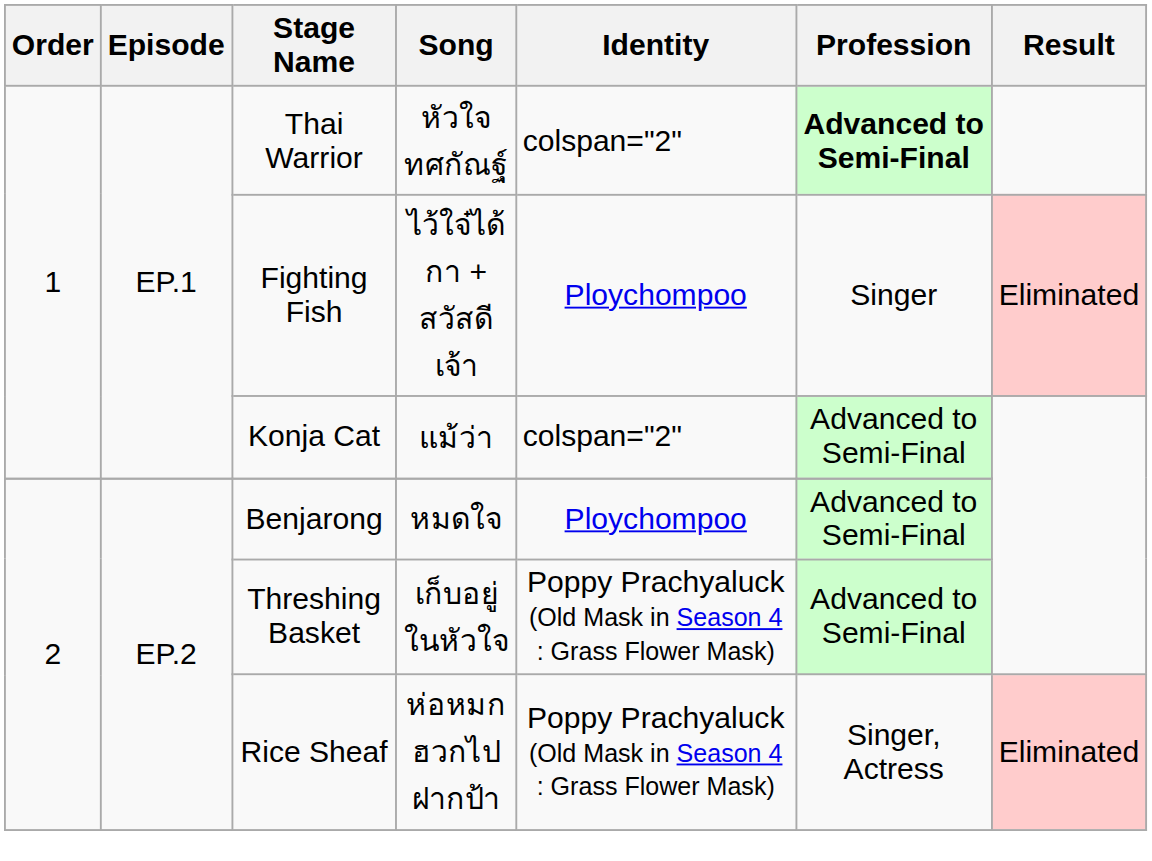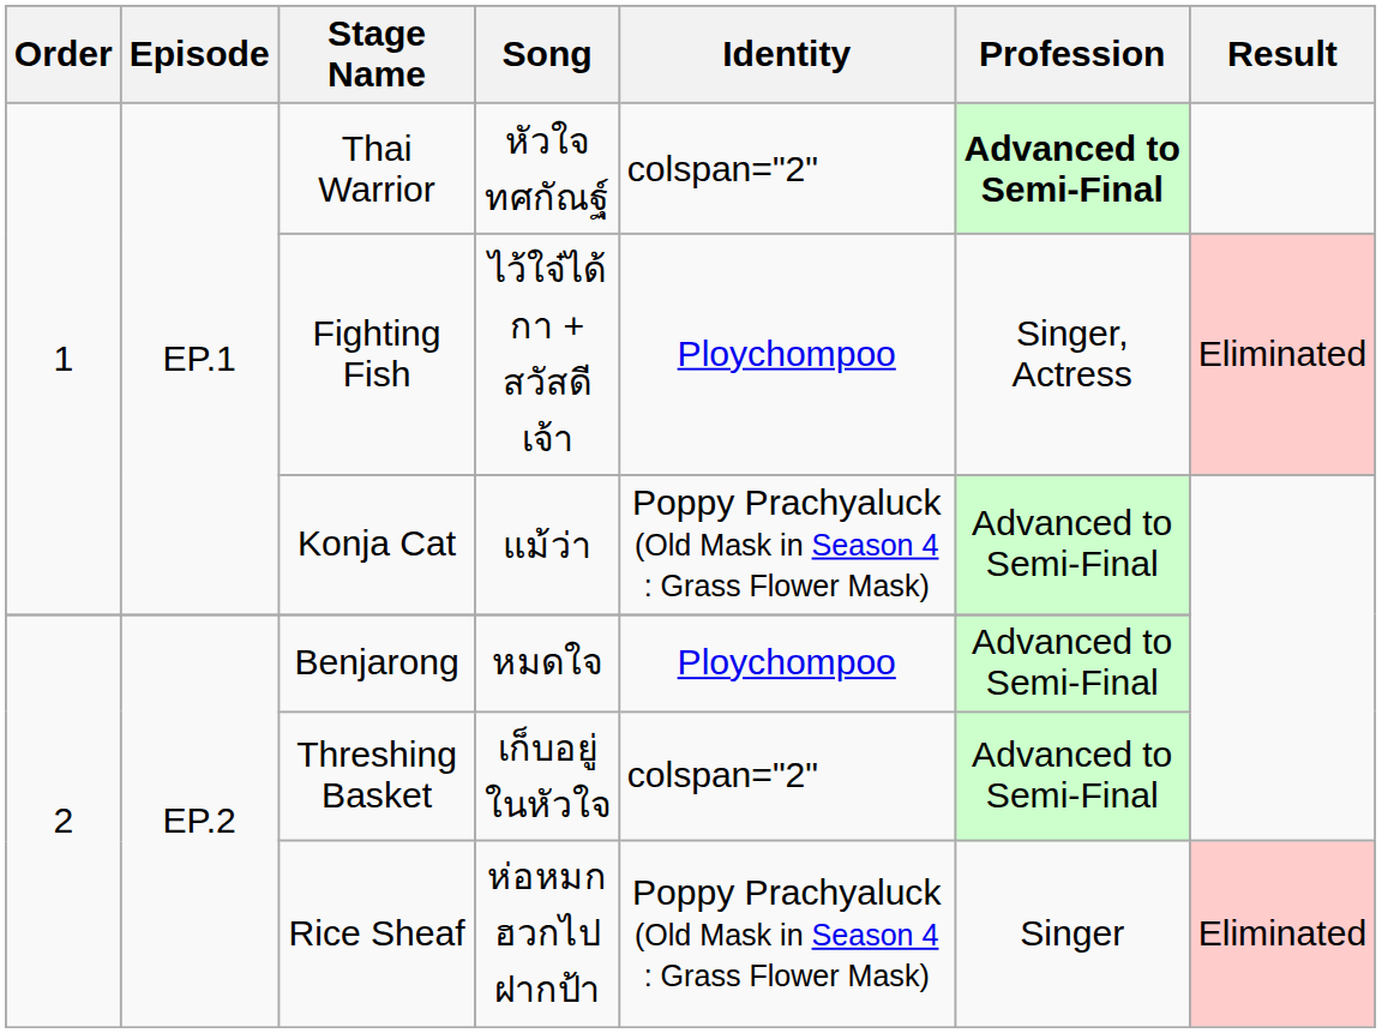 <table class="wikitable">
 <tr>
 <th>Order</th>
 <th>Episode</th>
 <th>Stage Name</th>
 <th>Song</th>
 <th>Identity</th>
 <th>Profession</th>
 <th>Result</th>
 </tr>
 <tr>
 <td rowspan="3" style="text-align:center;">1</td>
 <td rowspan="3" align="center">EP.1</td>
 <td style="text-align:center;">Thai Warrior</td>
 <td style="text-align:center;">หัวใจทศกัณฐ์</td>
 <td>colspan="2"  </td>
 <td style="text-align:center; background:#ccffcc;"><strong>Advanced to Semi-Final</strong></td>
 </tr>
 <tr>
 <td style="text-align:center;">Fighting Fish</td>
 <td style="text-align:center;">ไว้ใจ๋ได้กา + สวัสดีเจ้า</td>
 <td style="text-align:center;"><a href='#'>Ploychompoo</a></td>
-<td style="text-align:center;">Singer</td>
+<td style="text-align:center;">Singer, Actress</td>
 <td style="text-align:center; background:#ffcccc;">Eliminated</td>
 </tr>
 <tr>
 <td style="text-align:center;">Konja Cat</td>
 <td style="text-align:center;">แม้ว่า</td>
-<td>colspan="2"  </td>
+<td style="text-align:center;">Poppy Prachyaluck <small>(Old Mask in <a href='#'>Season 4</a> : Grass Flower Mask)</small></td>
 <td style="text-align:center; background:#ccffcc;">Advanced to Semi-Final</td>
 </tr>
 <tr>
 </tr>
 <tr>
 <td rowspan="3" style="text-align:center;">2</td>
 <td rowspan="3" align="center">EP.2</td>
 <td style="text-align:center;">Benjarong</td>
 <td style="text-align:center;">หมดใจ</td>
 <td style="text-align:center;"><a href='#'>Ploychompoo</a></td>
 <td style="text-align:center; background:#ccffcc;">Advanced to Semi-Final</td>
 </tr>
 <tr>
 <td style="text-align:center;">Threshing Basket</td>
 <td style="text-align:center;">เก็บอยู่ในหัวใจ</td>
-<td style="text-align:center;">Poppy Prachyaluck <small>(Old Mask in <a href='#'>Season 4</a> : Grass Flower Mask)</small></td>
+<td>colspan="2"  </td>
 <td style="text-align:center; background:#ccffcc;">Advanced to Semi-Final</td>
 </tr>
 <tr>
 <td style="text-align:center;">Rice Sheaf</td>
 <td style="text-align:center;">ห่อหมกฮวกไปฝากป้า</td>
 <td style="text-align:center;">Poppy Prachyaluck <small>(Old Mask in <a href='#'>Season 4</a> : Grass Flower Mask)</small></td>
-<td style="text-align:center;">Singer, Actress</td>
+<td style="text-align:center;">Singer</td>
 <td style="text-align:center; background:#ffcccc;">Eliminated</td>
 </tr>
 <tr>
 </tr>
 </table>
